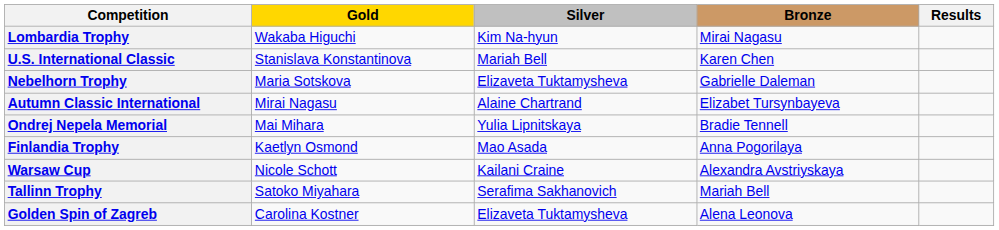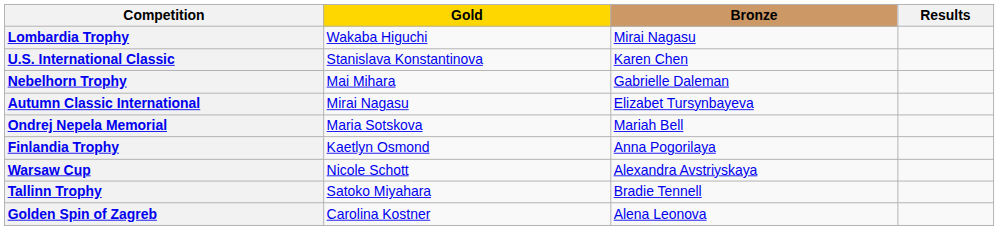 <table class="wikitable unsortable" style="text-align:left; width:90%;">
 <tr>
 <th scope="col" style="text-align:center; width:25%;">Competition</th>
 <td scope="col" style="text-align:center; width:22.5%; background:gold"><strong>Gold</strong></td>
-<td scope="col" style="text-align:center; width:22.5%; background:silver"><strong>Silver</strong></td>
 <td scope="col" style="text-align:center; width:22.5%; background:#c96"><strong>Bronze</strong></td>
 <th scope="col" style="text-align:center; width:7.5%;">Results</th>
 </tr>
 <tr>
 <th scope="row" style="text-align:left"> <a href='#'>Lombardia Trophy</a></th>
 <td> <a href='#'>Wakaba Higuchi</a></td>
-<td> <a href='#'>Kim Na-hyun</a></td>
 <td> <a href='#'>Mirai Nagasu</a></td>
 <td></td>
 </tr>
 <tr>
 <th scope="row" style="text-align:left"> <a href='#'>U.S. International Classic</a></th>
 <td> <a href='#'>Stanislava Konstantinova</a></td>
-<td> <a href='#'>Mariah Bell</a></td>
 <td> <a href='#'>Karen Chen</a></td>
 <td></td>
 </tr>
 <tr>
 <th scope="row" style="text-align:left"> <a href='#'>Nebelhorn Trophy</a></th>
-<td> <a href='#'>Maria Sotskova</a></td>
-<td> <a href='#'>Elizaveta Tuktamysheva</a></td>
+<td> <a href='#'>Mai Mihara</a></td>
 <td> <a href='#'>Gabrielle Daleman</a></td>
 <td></td>
 </tr>
 <tr>
 <th scope="row" style="text-align:left"> <a href='#'>Autumn Classic International</a></th>
 <td> <a href='#'>Mirai Nagasu</a></td>
-<td> <a href='#'>Alaine Chartrand</a></td>
 <td> <a href='#'>Elizabet Tursynbayeva</a></td>
 <td></td>
 </tr>
 <tr>
 <th scope="row" style="text-align:left"> <a href='#'>Ondrej Nepela Memorial</a></th>
-<td> <a href='#'>Mai Mihara</a></td>
-<td> <a href='#'>Yulia Lipnitskaya</a></td>
-<td> <a href='#'>Bradie Tennell</a></td>
+<td> <a href='#'>Maria Sotskova</a></td>
+<td> <a href='#'>Mariah Bell</a></td>
 <td></td>
 </tr>
 <tr>
 <th scope="row" style="text-align:left"> <a href='#'>Finlandia Trophy</a></th>
 <td> <a href='#'>Kaetlyn Osmond</a></td>
-<td> <a href='#'>Mao Asada</a></td>
 <td> <a href='#'>Anna Pogorilaya</a></td>
 <td></td>
 </tr>
 <tr>
 <th scope="row" style="text-align:left"> <a href='#'>Warsaw Cup</a></th>
 <td> <a href='#'>Nicole Schott</a></td>
-<td> <a href='#'>Kailani Craine</a></td>
 <td> <a href='#'>Alexandra Avstriyskaya</a></td>
 <td></td>
 </tr>
 <tr>
 <th scope="row" style="text-align:left"> <a href='#'>Tallinn Trophy</a></th>
 <td> <a href='#'>Satoko Miyahara</a></td>
-<td> <a href='#'>Serafima Sakhanovich</a></td>
-<td> <a href='#'>Mariah Bell</a></td>
+<td> <a href='#'>Bradie Tennell</a></td>
 <td></td>
 </tr>
 <tr>
 <th scope="row" style="text-align:left"> <a href='#'>Golden Spin of Zagreb</a></th>
 <td> <a href='#'>Carolina Kostner</a></td>
-<td> <a href='#'>Elizaveta Tuktamysheva</a></td>
 <td> <a href='#'>Alena Leonova</a></td>
 <td></td>
 </tr>
 </table>
